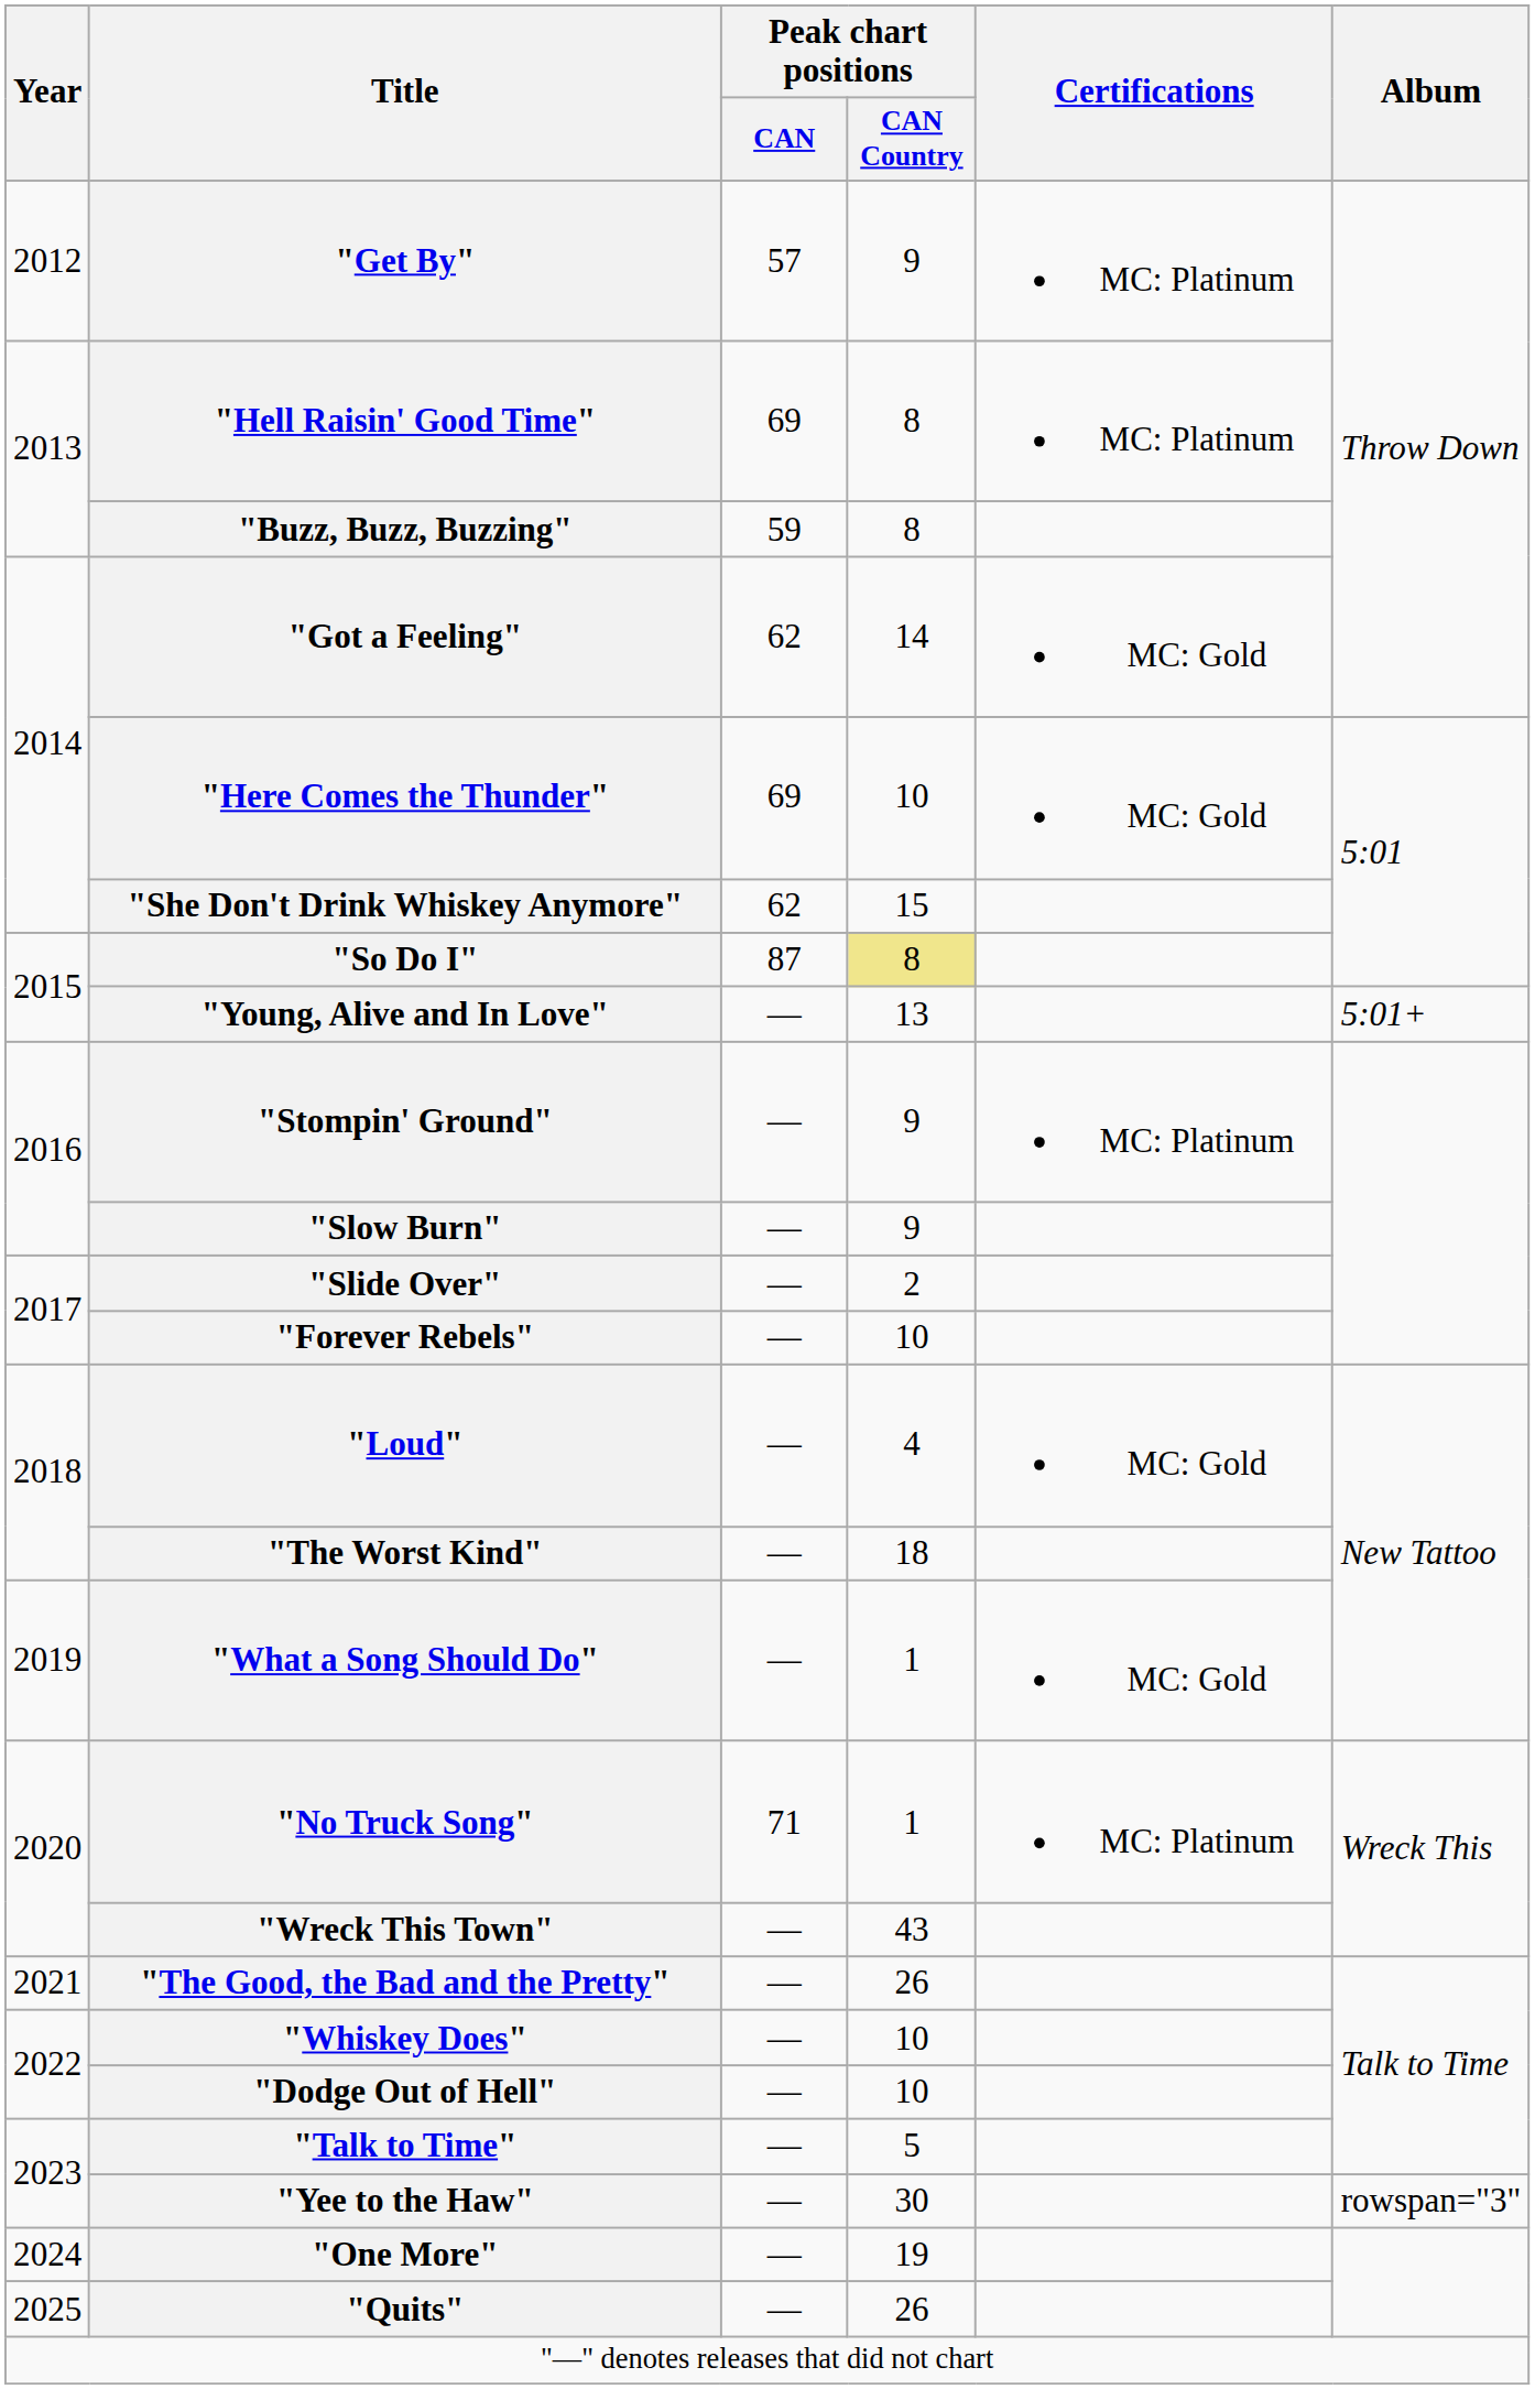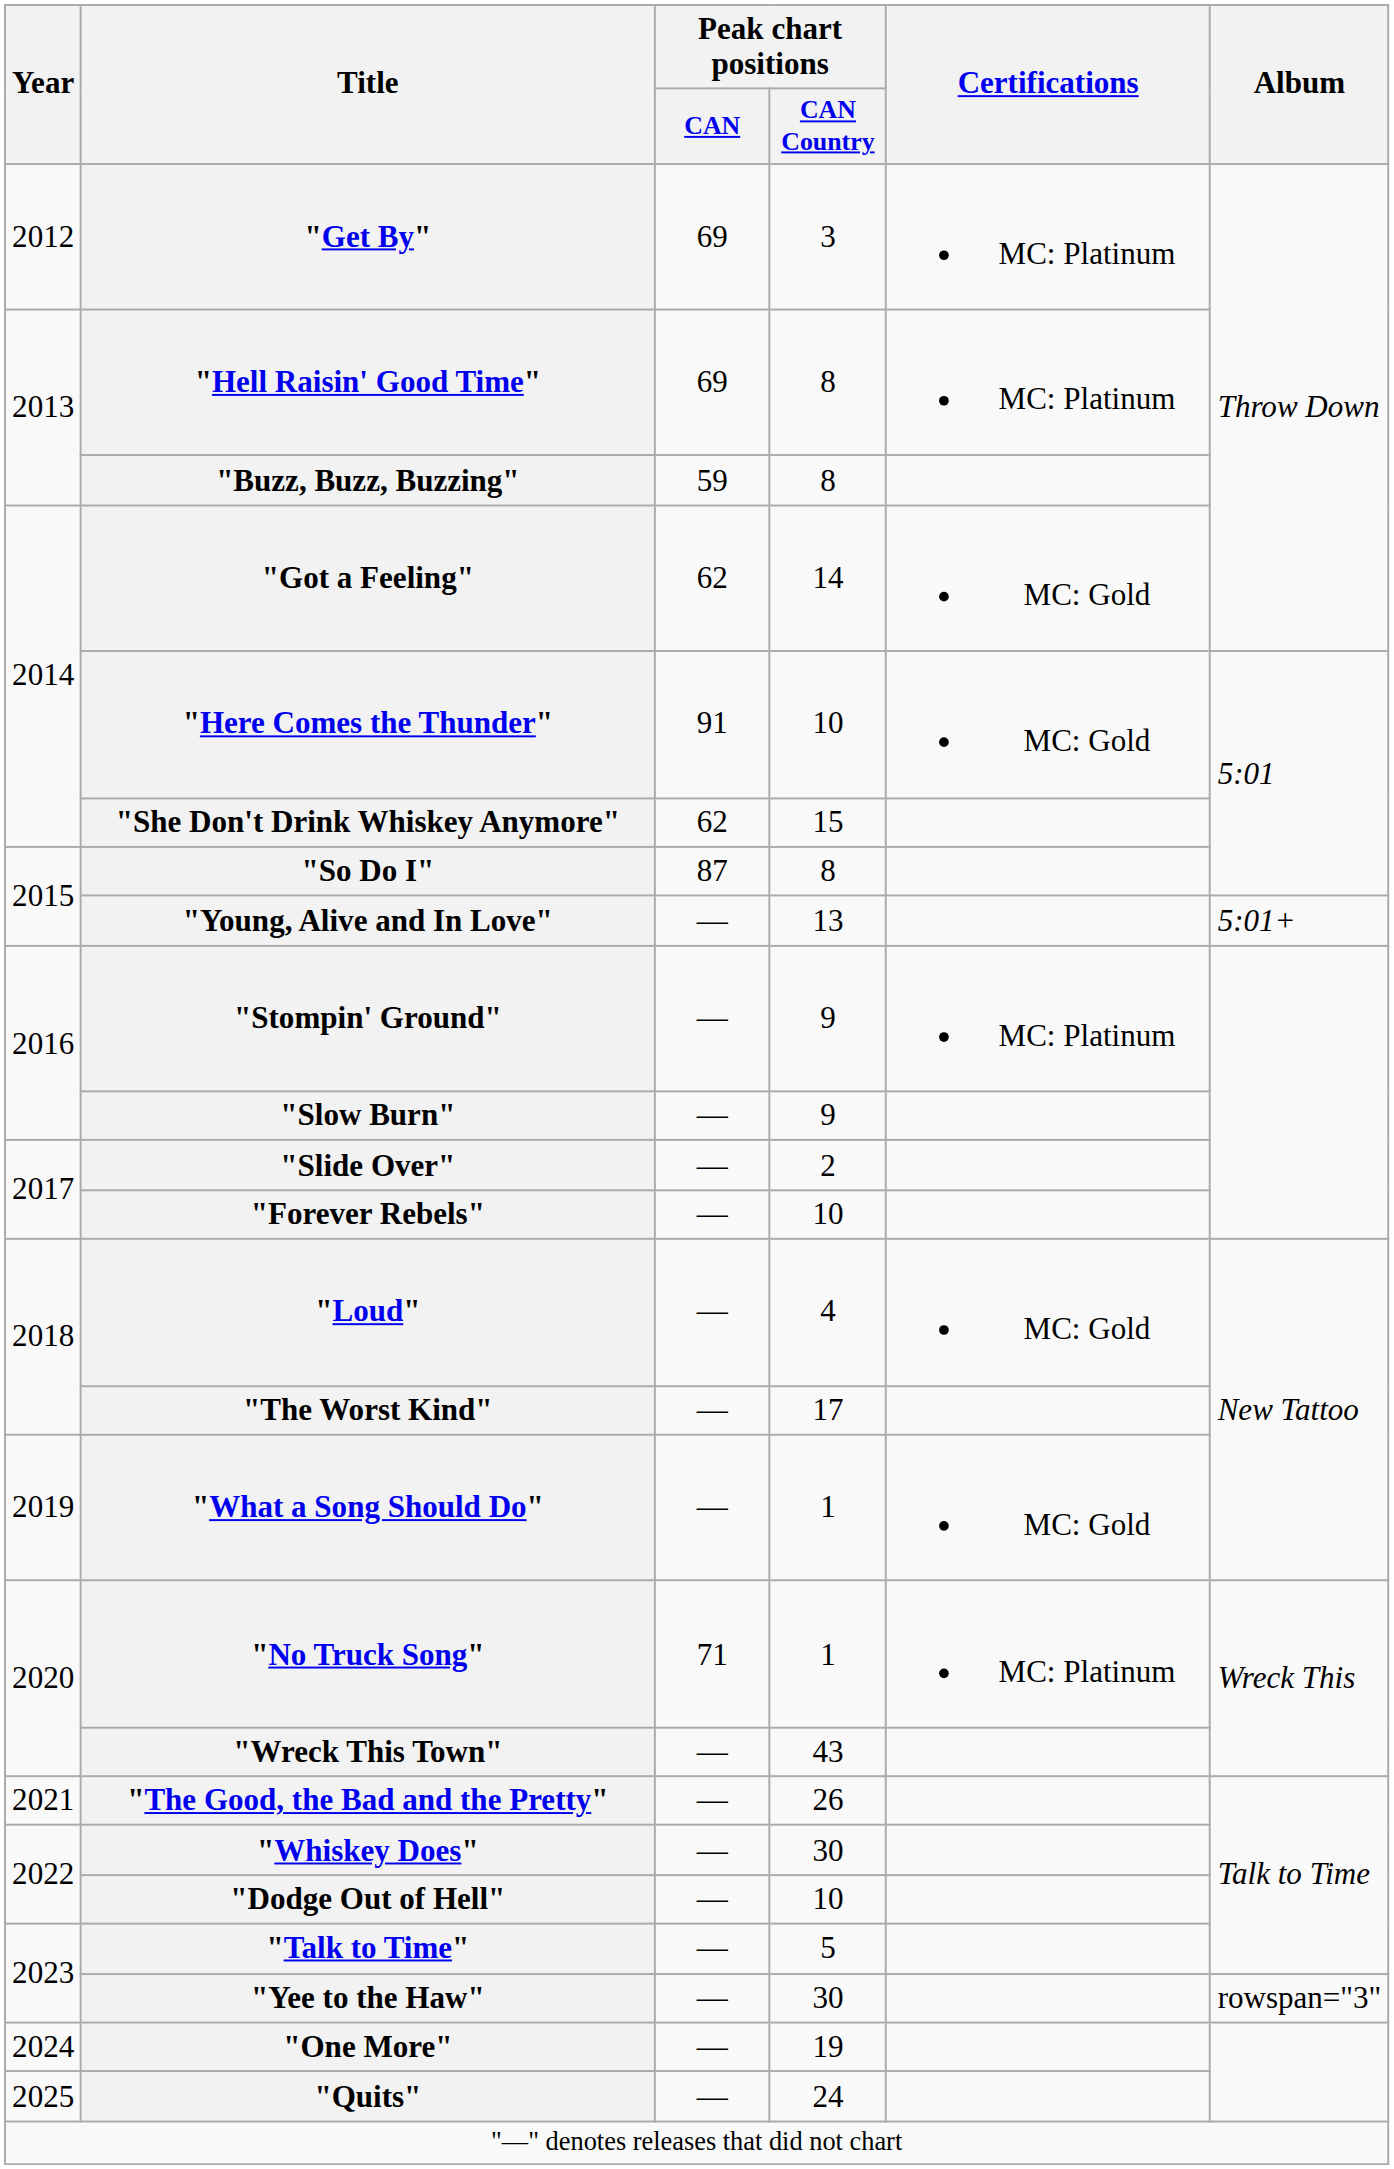 <table class="wikitable plainrowheaders" style="text-align:center;">
 <tr>
 <th scope="col" rowspan="2">Year</th>
 <th scope="col" rowspan="2" style="width:18em;">Title</th>
 <th scope="col" colspan="2">Peak chart<br>positions</th>
 <th scope="col" rowspan="2" style="width:10em;"><a href='#'>Certifications</a></th>
 <th scope="col" rowspan="2">Album</th>
 </tr>
 <tr style="font-size:smaller;">
 <th scope="col" style="width:4em;"><a href='#'>CAN</a><br></th>
 <th scope="col" style="width:4em;"><a href='#'>CAN Country</a><br></th>
 </tr>
 <tr>
 <td>2012</td>
 <th scope="row">"<a href='#'>Get By</a>"</th>
-<td>57</td>
-<td>9</td>
+<td>69</td>
+<td>3</td>
 <td><br><ul><li>MC: Platinum</li></ul></td>
 <td align="left" rowspan="4"><em>Throw Down</em></td>
 </tr>
 <tr>
 <td rowspan="2">2013</td>
 <th scope="row">"<a href='#'>Hell Raisin' Good Time</a>"</th>
 <td>69</td>
 <td>8</td>
 <td><br><ul><li>MC: Platinum</li></ul></td>
 </tr>
 <tr>
 <th scope="row">"Buzz, Buzz, Buzzing"</th>
 <td>59</td>
 <td>8</td>
 <td></td>
 </tr>
 <tr>
 <td rowspan="3">2014</td>
 <th scope="row">"Got a Feeling" </th>
 <td>62</td>
 <td>14</td>
 <td><br><ul><li>MC: Gold</li></ul></td>
 </tr>
 <tr>
 <th scope="row">"<a href='#'>Here Comes the Thunder</a>"</th>
-<td>69</td>
+<td>91</td>
 <td>10</td>
 <td><br><ul><li>MC: Gold</li></ul></td>
 <td align="left" rowspan="3"><em>5:01</em></td>
 </tr>
 <tr>
 <th scope="row">"She Don't Drink Whiskey Anymore"</th>
 <td>62</td>
 <td>15</td>
 <td></td>
 </tr>
 <tr>
 <td rowspan="2">2015</td>
 <th scope="row">"So Do I"</th>
 <td>87</td>
-<td style="background: khaki;">8</td>
+<td>8</td>
 <td></td>
 </tr>
 <tr>
 <th scope="row">"Young, Alive and In Love"</th>
 <td>—</td>
 <td>13</td>
 <td></td>
 <td align="left"><em>5:01+</em></td>
 </tr>
 <tr>
 <td rowspan="2">2016</td>
 <th scope="row">"Stompin' Ground"</th>
 <td>—</td>
 <td>9</td>
 <td><br><ul><li>MC: Platinum</li></ul></td>
 <td align="left" rowspan="4"></td>
 </tr>
 <tr>
 <th scope="row">"Slow Burn"</th>
 <td>—</td>
 <td>9</td>
 <td></td>
 </tr>
 <tr>
 <td rowspan="2">2017</td>
 <th scope="row">"Slide Over"</th>
 <td>—</td>
 <td>2</td>
 <td></td>
 </tr>
 <tr>
 <th scope="row">"Forever Rebels"</th>
 <td>—</td>
 <td>10</td>
 <td></td>
 </tr>
 <tr>
 <td rowspan="2">2018</td>
 <th scope="row">"<a href='#'>Loud</a>"</th>
 <td>—</td>
 <td>4</td>
 <td><br><ul><li>MC: Gold</li></ul></td>
 <td align="left" rowspan="3"><em>New Tattoo</em></td>
 </tr>
 <tr>
 <th scope="row">"The Worst Kind" </th>
 <td>—</td>
-<td>18</td>
+<td>17</td>
 <td></td>
 </tr>
 <tr>
 <td>2019</td>
 <th scope="row">"<a href='#'>What a Song Should Do</a>"</th>
 <td>—</td>
 <td>1</td>
 <td><br><ul><li>MC: Gold</li></ul></td>
 </tr>
 <tr>
 <td rowspan="2">2020</td>
 <th scope="row">"<a href='#'>No Truck Song</a>"</th>
 <td>71</td>
 <td>1</td>
 <td><br><ul><li>MC: Platinum</li></ul></td>
 <td rowspan="2" align="left"><em>Wreck This</em></td>
 </tr>
 <tr>
 <th scope="row">"Wreck This Town"</th>
 <td>—</td>
 <td>43</td>
 <td></td>
 </tr>
 <tr>
 <td>2021</td>
 <th scope="row">"<a href='#'>The Good, the Bad and the Pretty</a>"</th>
 <td>—</td>
 <td>26</td>
 <td></td>
 <td align="left" rowspan="4"><em>Talk to Time</em></td>
 </tr>
 <tr>
 <td rowspan="2">2022</td>
 <th scope="row">"<a href='#'>Whiskey Does</a>"</th>
 <td>—</td>
-<td>10</td>
+<td>30</td>
 <td></td>
 </tr>
 <tr>
 <th scope="row">"Dodge Out of Hell"</th>
 <td>—</td>
 <td>10</td>
 </tr>
 <tr>
 <td rowspan="2">2023</td>
 <th scope="row">"<a href='#'>Talk to Time</a>"</th>
 <td>—</td>
 <td>5</td>
 <td></td>
 </tr>
 <tr>
 <th scope="row">"Yee to the Haw"</th>
 <td>—</td>
 <td>30</td>
 <td></td>
 <td>rowspan="3" </td>
 </tr>
 <tr>
 <td>2024</td>
 <th scope="row">"One More"</th>
 <td>—</td>
 <td>19</td>
 <td></td>
 </tr>
 <tr>
 <td>2025</td>
 <th scope="row">"Quits"</th>
 <td>—</td>
-<td>26</td>
+<td>24</td>
 <td></td>
 </tr>
 <tr>
 <td colspan="6" style="font-size:85%">"—" denotes releases that did not chart</td>
 </tr>
 </table>
